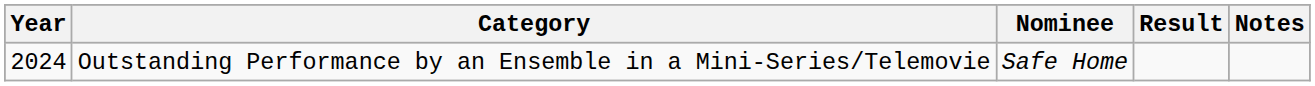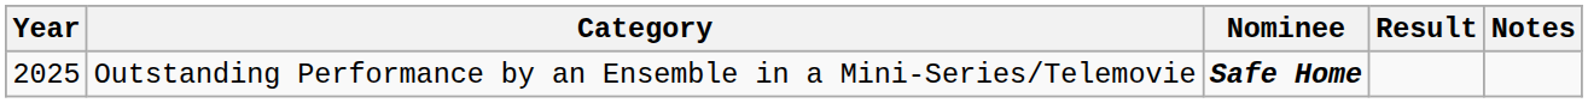 <table class="wikitable">
 <tr>
 <th>Year</th>
 <th>Category</th>
 <th>Nominee</th>
 <th>Result</th>
 <th>Notes</th>
 </tr>
 <tr>
-<td>2024</td>
+<td>2025</td>
 <td>Outstanding Performance by an Ensemble in a Mini-Series/Telemovie</td>
-<td><em>Safe Home</em></td>
+<td><strong><em>Safe Home</em></strong></td>
 <td></td>
 <td></td>
 </tr>
 </table>
